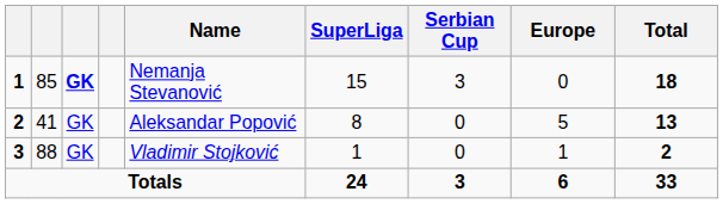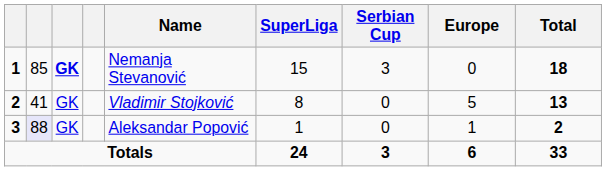 <table class="wikitable" style="text-align:center">
 <tr>
 <th width=15></th>
 <th width=15></th>
 <th width=15></th>
 <th width=15></th>
 <th width=145>Name</th>
 <th width=80><strong><a href='#'>SuperLiga</a></strong></th>
 <th width=80><strong><a href='#'>Serbian Cup</a></strong></th>
 <th width=80><strong>Europe</strong></th>
 <th width=80>Total</th>
 </tr>
 <tr>
 <td><strong>1</strong></td>
 <td>85</td>
 <td><strong><a href='#'>GK</a></strong></td>
 <td></td>
 <td align=left><a href='#'>Nemanja Stevanović</a></td>
 <td>15</td>
 <td>3</td>
 <td>0</td>
 <td><strong>18</strong></td>
 </tr>
 <tr>
 <td><strong>2</strong></td>
 <td>41</td>
 <td><a href='#'>GK</a></td>
 <td></td>
-<td align=left><a href='#'>Aleksandar Popović</a></td>
+<td align=left><em><a href='#'>Vladimir Stojković</a></em></td>
 <td>8</td>
 <td>0</td>
 <td>5</td>
 <td><strong>13</strong></td>
 </tr>
 <tr>
 <td><strong>3</strong></td>
-<td>88</td>
+<td style="background: lavender;">88</td>
 <td><a href='#'>GK</a></td>
 <td></td>
-<td align=left><em><a href='#'>Vladimir Stojković</a></em></td>
+<td align=left><a href='#'>Aleksandar Popović</a></td>
 <td>1</td>
 <td>0</td>
 <td>1</td>
 <td><strong>2</strong></td>
 </tr>
 <tr>
 <td colspan=5><strong>Totals</strong></td>
 <td><strong>24</strong></td>
 <td><strong>3</strong></td>
 <td><strong>6</strong></td>
 <td><strong>33</strong></td>
 </tr>
 </table>
